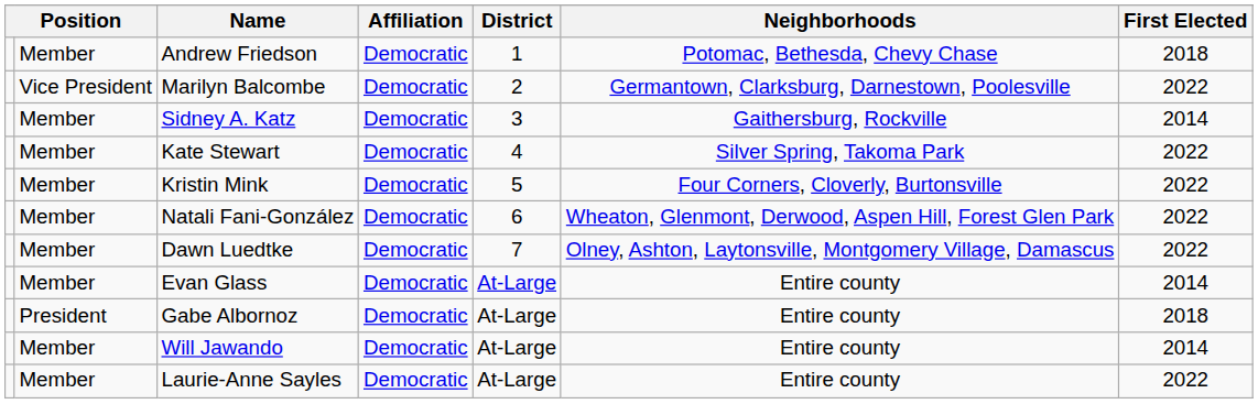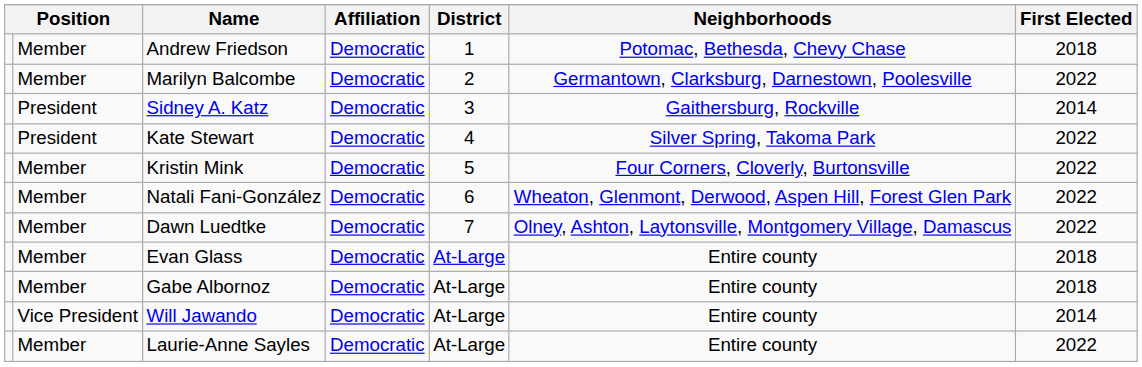 <table class=wikitable>
 <tr>
 </tr>
 <tr>
 <th colspan="2" style="text-align:center; vertical-align:bottom;">Position</th>
 <th style="text-align:center;">Name</th>
 <th valign=bottom>Affiliation</th>
 <th style="vertical-align:bottom; text-align:center;">District</th>
 <th style="vertical-align:bottom; text-align:center;">Neighborhoods</th>
 <th style="vertical-align:bottom; text-align:center;">First Elected</th>
 </tr>
 <tr>
 <td style="background-color:"></td>
 <td>Member</td>
 <td>Andrew Friedson</td>
 <td style="text-align:center;"><a href='#'>Democratic</a></td>
 <td style="text-align:center;">1</td>
 <td style="text-align:center;"><a href='#'>Potomac</a>, <a href='#'>Bethesda</a>, <a href='#'>Chevy Chase</a></td>
 <td style="text-align:center;">2018</td>
 </tr>
 <tr>
 <td style="background-color:"></td>
-<td>Vice President</td>
+<td>Member</td>
 <td>Marilyn Balcombe</td>
 <td style="text-align:center;"><a href='#'>Democratic</a></td>
 <td style="text-align:center;">2</td>
 <td style="text-align:center;"><a href='#'>Germantown</a>, <a href='#'>Clarksburg</a>, <a href='#'>Darnestown</a>, <a href='#'>Poolesville</a></td>
 <td style="text-align:center;">2022</td>
 </tr>
 <tr>
 <td style="background-color:"></td>
-<td>Member</td>
+<td>President</td>
 <td><a href='#'>Sidney A. Katz</a></td>
 <td style="text-align:center;"><a href='#'>Democratic</a></td>
 <td style="text-align:center;">3</td>
 <td style="text-align:center;"><a href='#'>Gaithersburg</a>, <a href='#'>Rockville</a></td>
 <td style="text-align:center;">2014</td>
 </tr>
 <tr>
 <td style="background-color:"></td>
-<td>Member</td>
+<td>President</td>
 <td>Kate Stewart</td>
 <td style="text-align:center;"><a href='#'>Democratic</a></td>
 <td style="text-align:center;">4</td>
 <td style="text-align:center;"><a href='#'>Silver Spring</a>, <a href='#'>Takoma Park</a></td>
 <td style="text-align:center;">2022</td>
 </tr>
 <tr>
 <td style="background-color:"></td>
 <td>Member</td>
 <td>Kristin Mink</td>
 <td style="text-align:center;"><a href='#'>Democratic</a></td>
 <td style="text-align:center;">5</td>
 <td style="text-align:center;"><a href='#'>Four Corners</a>, <a href='#'>Cloverly</a>, <a href='#'>Burtonsville</a></td>
 <td style="text-align:center;">2022</td>
 </tr>
 <tr>
 <td style="background-color:"></td>
 <td>Member</td>
 <td>Natali Fani-González</td>
 <td style="text-align:center;"><a href='#'>Democratic</a></td>
 <td style="text-align:center;">6</td>
 <td style="text-align:center;"><a href='#'>Wheaton</a>, <a href='#'>Glenmont</a>, <a href='#'>Derwood</a>, <a href='#'>Aspen Hill</a>, <a href='#'>Forest Glen Park</a></td>
 <td style="text-align:center;">2022</td>
 </tr>
 <tr>
 <td style="background-color:"></td>
 <td>Member</td>
 <td>Dawn Luedtke</td>
 <td style="text-align:center;"><a href='#'>Democratic</a></td>
 <td style="text-align:center;">7</td>
 <td style="text-align:center;"><a href='#'>Olney</a>, <a href='#'>Ashton</a>, <a href='#'>Laytonsville</a>, <a href='#'>Montgomery Village</a>, <a href='#'>Damascus</a></td>
 <td style="text-align:center;">2022</td>
 </tr>
 <tr>
 <td style="background-color:"></td>
 <td>Member</td>
 <td>Evan Glass</td>
 <td style="text-align:center;"><a href='#'>Democratic</a></td>
 <td style="text-align:center;"><a href='#'>At-Large</a></td>
 <td style="text-align:center;">Entire county</td>
-<td style="text-align:center;">2014</td>
+<td style="text-align:center;">2018</td>
 </tr>
 <tr>
 <td style="background-color:"></td>
-<td>President</td>
+<td>Member</td>
 <td>Gabe Albornoz</td>
 <td style="text-align:center;"><a href='#'>Democratic</a></td>
 <td style="text-align:center;">At-Large</td>
 <td style="text-align:center;">Entire county</td>
 <td style="text-align:center;">2018</td>
 </tr>
 <tr>
 <td style="background-color:"></td>
-<td>Member</td>
+<td>Vice President</td>
 <td><a href='#'>Will Jawando</a></td>
 <td style="text-align:center;"><a href='#'>Democratic</a></td>
 <td style="text-align:center;">At-Large</td>
 <td style="text-align:center;">Entire county</td>
 <td style="text-align:center;">2014</td>
 </tr>
 <tr>
 <td style="background-color:"></td>
 <td>Member</td>
 <td>Laurie-Anne Sayles</td>
 <td style="text-align:center;"><a href='#'>Democratic</a></td>
 <td style="text-align:center;">At-Large</td>
 <td style="text-align:center;">Entire county</td>
 <td style="text-align:center;">2022</td>
 </tr>
 </table>
